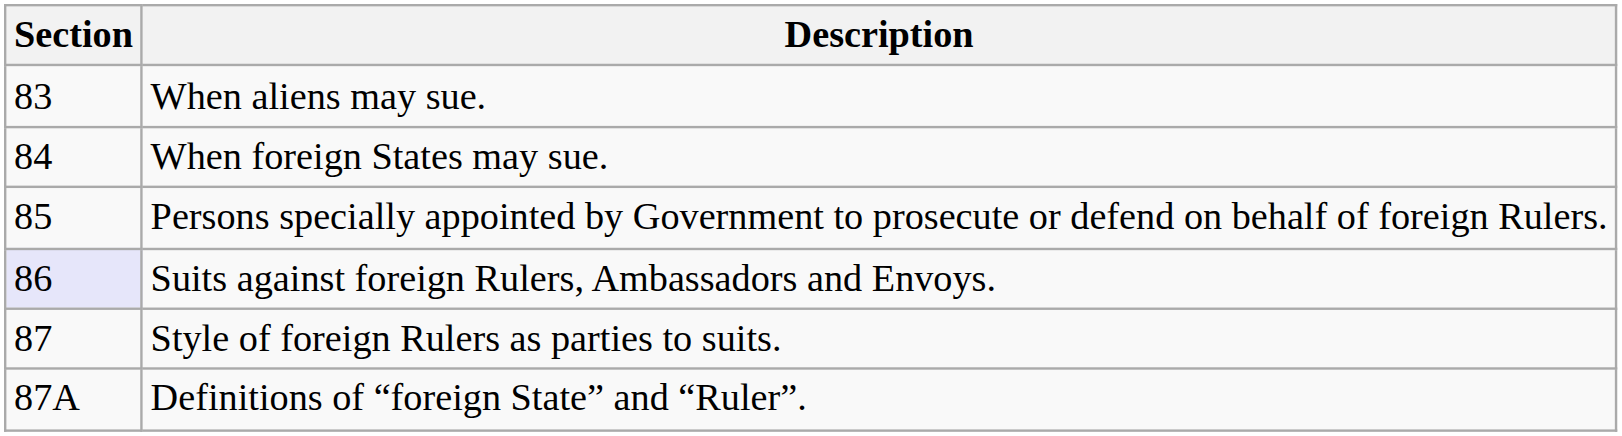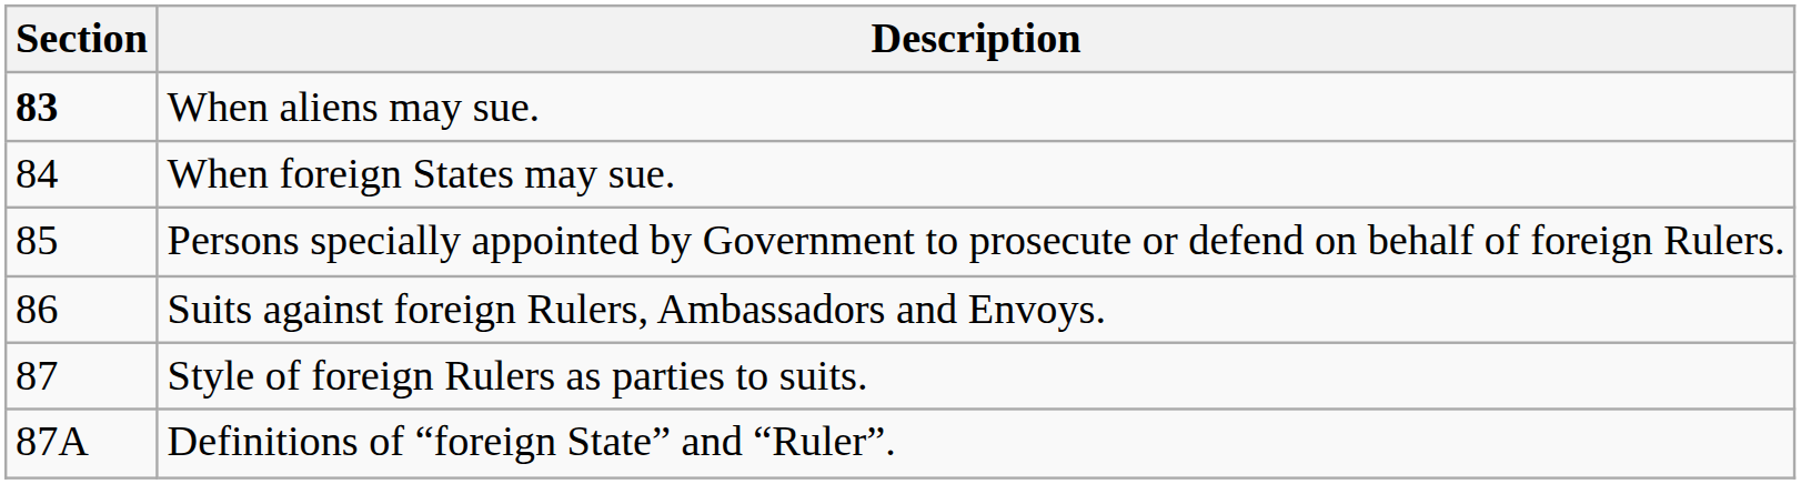 <table class="wikitable">
 <tr>
 <th>Section</th>
 <th>Description</th>
 </tr>
 <tr>
-<td>83</td>
+<td><strong>83</strong></td>
 <td>When aliens may sue.</td>
 </tr>
 <tr>
 <td>84</td>
 <td>When foreign States may sue.</td>
 </tr>
 <tr>
 <td>85</td>
 <td>Persons specially appointed by Government to prosecute or defend on behalf of foreign Rulers.</td>
 </tr>
 <tr>
-<td style="background: lavender;">86</td>
+<td>86</td>
 <td>Suits against foreign Rulers, Ambassadors and Envoys.</td>
 </tr>
 <tr>
 <td>87</td>
 <td>Style of foreign Rulers as parties to suits.</td>
 </tr>
 <tr>
 <td>87A</td>
 <td>Definitions of “foreign State” and “Ruler”.</td>
 </tr>
 </table>
